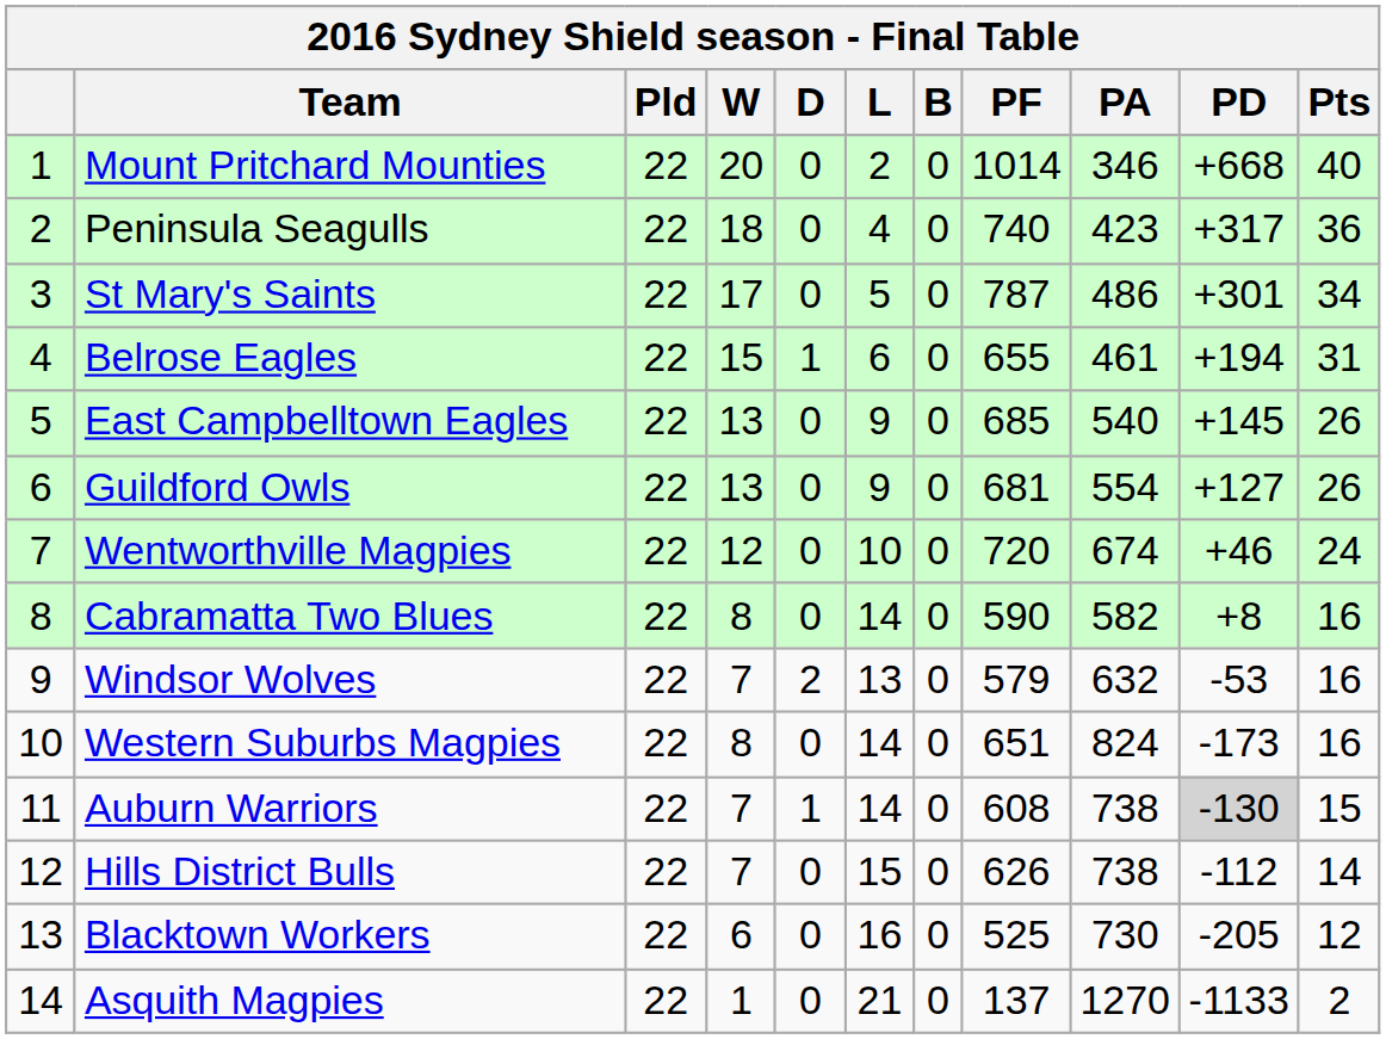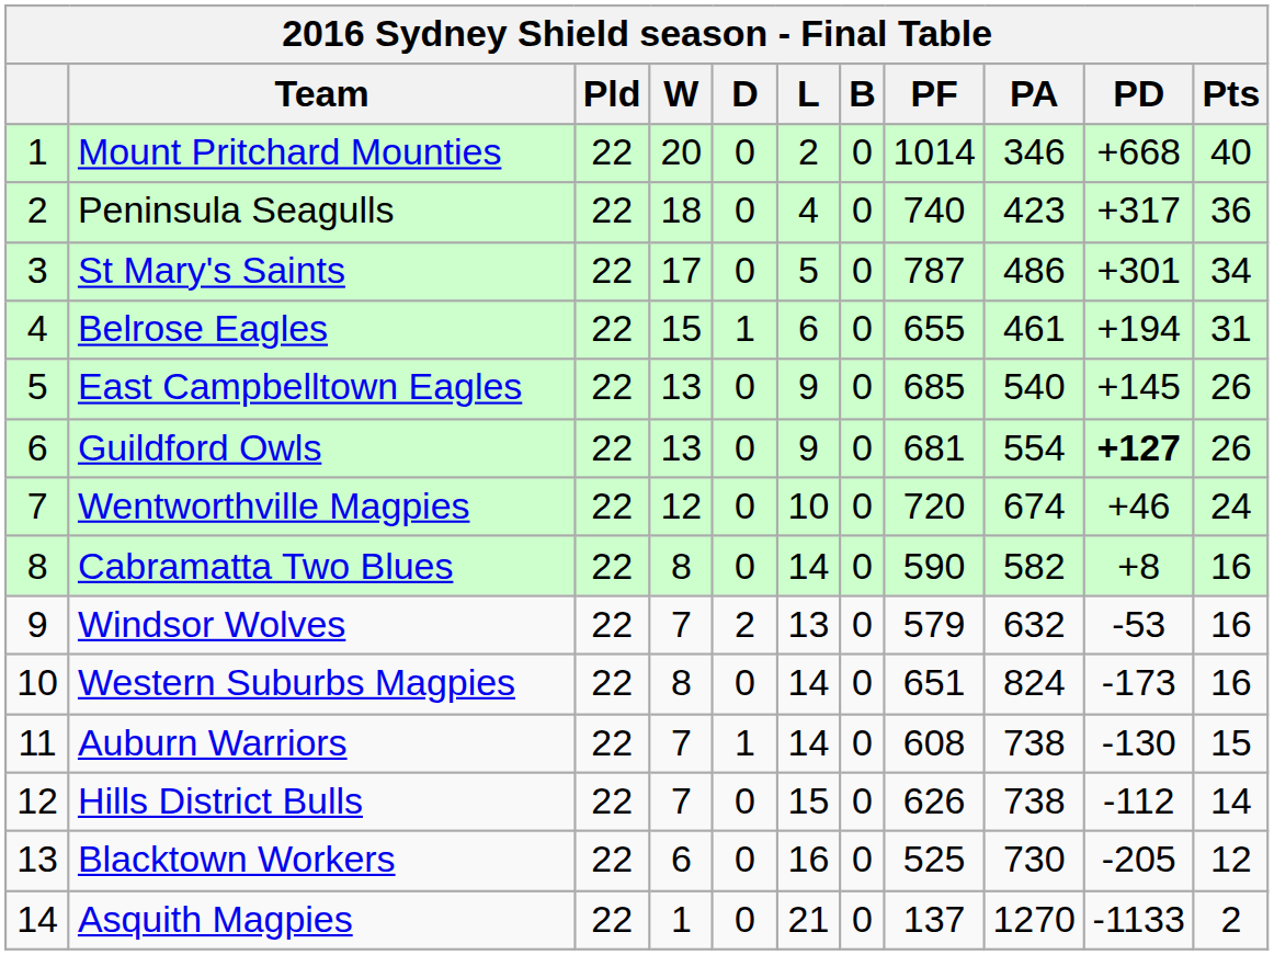 <table class="wikitable" style="text-align:center;">
 <tr>
 <th colspan="11">2016 Sydney Shield season - Final Table</th>
 </tr>
 <tr>
 <th width="20" abbr="Position"></th>
 <th width="210">Team</th>
 <th width="20" abbr="Played">Pld</th>
 <th width="20" abbr="Won">W</th>
 <th width="20" abbr="Drawn">D</th>
 <th width="20" abbr="Lost">L</th>
 <th abbr="Byes" withd="20">B</th>
 <th width="20" abbr="Points For">PF</th>
 <th width="20" abbr="Points Against">PA</th>
 <th width="30" abbr="Points Difference">PD</th>
 <th width="20" abbr="Points">Pts</th>
 </tr>
 <tr style="background: #ccffcc;">
 <td>1</td>
 <td style="text-align:left;"> <a href='#'>Mount Pritchard Mounties</a></td>
 <td>22</td>
 <td>20</td>
 <td>0</td>
 <td>2</td>
 <td>0</td>
 <td>1014</td>
 <td>346</td>
 <td>+668</td>
 <td>40</td>
 </tr>
 <tr style="background: #ccffcc;">
 <td>2</td>
 <td style="text-align:left;"> Peninsula Seagulls</td>
 <td>22</td>
 <td>18</td>
 <td>0</td>
 <td>4</td>
 <td>0</td>
 <td>740</td>
 <td>423</td>
 <td>+317</td>
 <td>36</td>
 </tr>
 <tr style="background: #ccffcc;">
 <td>3</td>
 <td style="text-align:left;"> <a href='#'>St Mary's Saints</a></td>
 <td>22</td>
 <td>17</td>
 <td>0</td>
 <td>5</td>
 <td>0</td>
 <td>787</td>
 <td>486</td>
 <td>+301</td>
 <td>34</td>
 </tr>
 <tr style="background: #ccffcc;">
 <td>4</td>
 <td style="text-align:left;"> <a href='#'>Belrose Eagles</a></td>
 <td>22</td>
 <td>15</td>
 <td>1</td>
 <td>6</td>
 <td>0</td>
 <td>655</td>
 <td>461</td>
 <td>+194</td>
 <td>31</td>
 </tr>
 <tr style="background: #ccffcc;">
 <td>5</td>
 <td style="text-align:left;"> <a href='#'>East Campbelltown Eagles</a></td>
 <td>22</td>
 <td>13</td>
 <td>0</td>
 <td>9</td>
 <td>0</td>
 <td>685</td>
 <td>540</td>
 <td>+145</td>
 <td>26</td>
 </tr>
 <tr style="background: #ccffcc;">
 <td>6</td>
 <td style="text-align:left;"> <a href='#'>Guildford Owls</a></td>
 <td>22</td>
 <td>13</td>
 <td>0</td>
 <td>9</td>
 <td>0</td>
 <td>681</td>
 <td>554</td>
-<td>+127</td>
+<td><strong>+127</strong></td>
 <td>26</td>
 </tr>
 <tr style="background: #ccffcc;">
 <td>7</td>
 <td style="text-align:left;"> <a href='#'>Wentworthville Magpies</a></td>
 <td>22</td>
 <td>12</td>
 <td>0</td>
 <td>10</td>
 <td>0</td>
 <td>720</td>
 <td>674</td>
 <td>+46</td>
 <td>24</td>
 </tr>
 <tr style="background: #ccffcc;">
 <td>8</td>
 <td style="text-align:left;"> <a href='#'>Cabramatta Two Blues</a></td>
 <td>22</td>
 <td>8</td>
 <td>0</td>
 <td>14</td>
 <td>0</td>
 <td>590</td>
 <td>582</td>
 <td>+8</td>
 <td>16</td>
 </tr>
 <tr>
 <td>9</td>
 <td style="text-align:left;"> <a href='#'>Windsor Wolves</a></td>
 <td>22</td>
 <td>7</td>
 <td>2</td>
 <td>13</td>
 <td>0</td>
 <td>579</td>
 <td>632</td>
 <td>-53</td>
 <td>16</td>
 </tr>
 <tr>
 <td>10</td>
 <td style="text-align:left;"> <a href='#'>Western Suburbs Magpies</a></td>
 <td>22</td>
 <td>8</td>
 <td>0</td>
 <td>14</td>
 <td>0</td>
 <td>651</td>
 <td>824</td>
 <td>-173</td>
 <td>16</td>
 </tr>
 <tr>
 <td>11</td>
 <td style="text-align:left;"> <a href='#'>Auburn Warriors</a></td>
 <td>22</td>
 <td>7</td>
 <td>1</td>
 <td>14</td>
 <td>0</td>
 <td>608</td>
 <td>738</td>
-<td style="background: lightgrey;">-130</td>
+<td>-130</td>
 <td>15</td>
 </tr>
 <tr>
 <td>12</td>
 <td style="text-align:left;"> <a href='#'>Hills District Bulls</a></td>
 <td>22</td>
 <td>7</td>
 <td>0</td>
 <td>15</td>
 <td>0</td>
 <td>626</td>
 <td>738</td>
 <td>-112</td>
 <td>14</td>
 </tr>
 <tr>
 <td>13</td>
 <td style="text-align:left;"> <a href='#'>Blacktown Workers</a></td>
 <td>22</td>
 <td>6</td>
 <td>0</td>
 <td>16</td>
 <td>0</td>
 <td>525</td>
 <td>730</td>
 <td>-205</td>
 <td>12</td>
 </tr>
 <tr>
 <td>14</td>
 <td style="text-align:left;"> <a href='#'>Asquith Magpies</a></td>
 <td>22</td>
 <td>1</td>
 <td>0</td>
 <td>21</td>
 <td>0</td>
 <td>137</td>
 <td>1270</td>
 <td>-1133</td>
 <td>2</td>
 </tr>
 </table>
